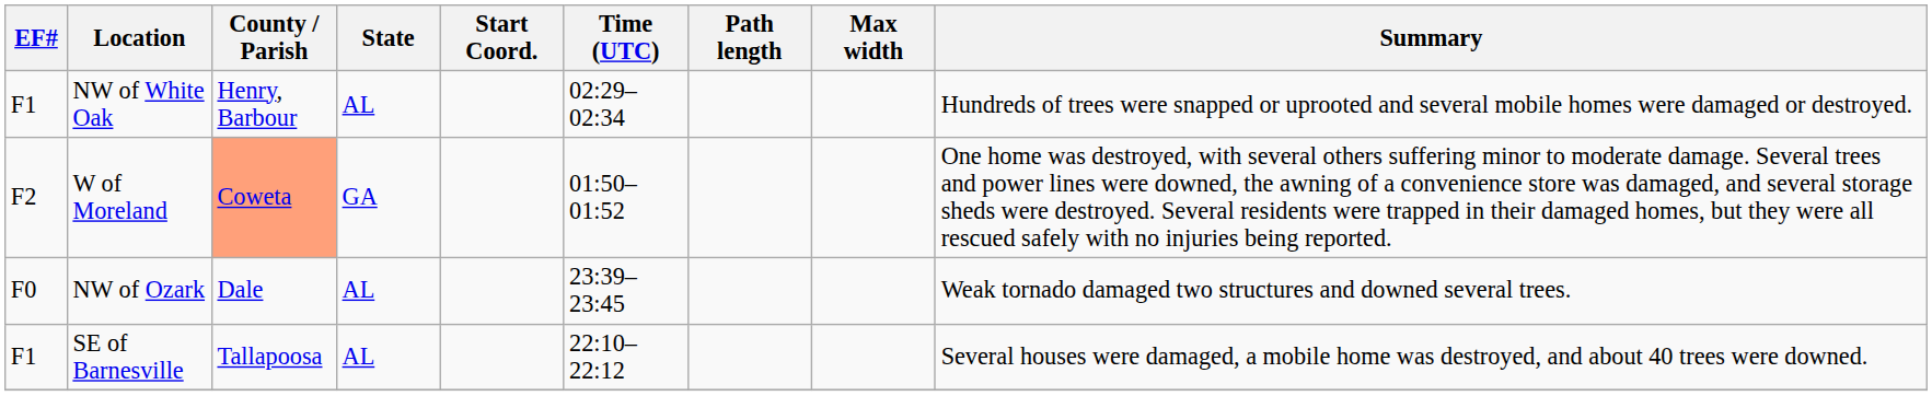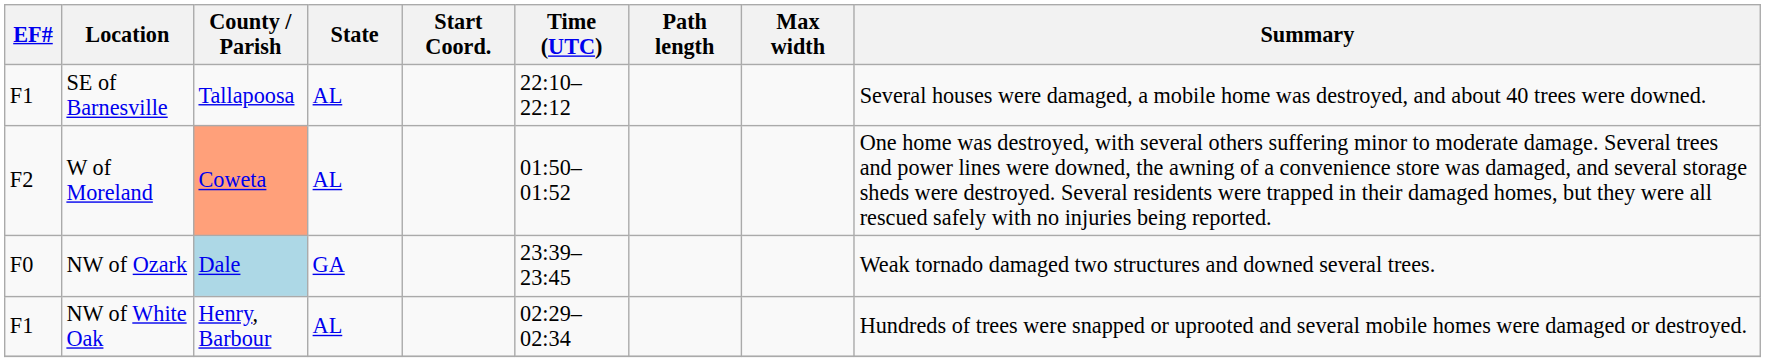 <table class="wikitable sortable" style="width:100%;">
 <tr>
 <th scope="col"  style="width:3%; text-align:center;"><a href='#'>EF#</a></th>
 <th scope="col"  style="width:7%; text-align:center;" class="unsortable">Location</th>
 <th scope="col"  style="width:6%; text-align:center;" class="unsortable">County / Parish</th>
 <th scope="col"  style="width:5%; text-align:center;">State</th>
 <th scope="col"  style="width:6%; text-align:center;">Start Coord.</th>
 <th scope="col"  style="width:6%; text-align:center;">Time (<a href='#'>UTC</a>)</th>
 <th scope="col"  style="width:6%; text-align:center;">Path length</th>
 <th scope="col"  style="width:6%; text-align:center;">Max width</th>
 <th scope="col" class="unsortable" style="width:48%; text-align:center;">Summary</th>
 </tr>
 <tr>
 <td>F1</td>
+<td>SE of <a href='#'>Barnesville</a></td>
+<td><a href='#'>Tallapoosa</a></td>
+<td><a href='#'>AL</a></td>
+<td></td>
+<td>22:10–22:12</td>
+<td></td>
+<td></td>
+<td>Several houses were damaged, a mobile home was destroyed, and about 40 trees were downed.</td>
+</tr>
+<tr>
+<td>F2</td>
+<td>W of <a href='#'>Moreland</a></td>
+<td style="background: lightsalmon;"><a href='#'>Coweta</a></td>
+<td><a href='#'>AL</a></td>
+<td></td>
+<td>01:50–01:52</td>
+<td></td>
+<td></td>
+<td>One home was destroyed, with several others suffering minor to moderate damage. Several trees and power lines were downed, the awning of a convenience store was damaged, and several storage sheds were destroyed. Several residents were trapped in their damaged homes, but they were all rescued safely with no injuries being reported.</td>
+</tr>
+<tr>
+<td>F0</td>
+<td>NW of <a href='#'>Ozark</a></td>
+<td style="background: lightblue;"><a href='#'>Dale</a></td>
+<td><a href='#'>GA</a></td>
+<td></td>
+<td>23:39–23:45</td>
+<td></td>
+<td></td>
+<td>Weak tornado damaged two structures and downed several trees.</td>
+</tr>
+<tr>
+<td>F1</td>
 <td>NW of <a href='#'>White Oak</a></td>
 <td><a href='#'>Henry</a>, <a href='#'>Barbour</a></td>
 <td><a href='#'>AL</a></td>
 <td></td>
 <td>02:29–02:34</td>
 <td></td>
 <td></td>
 <td>Hundreds of trees were snapped or uprooted and several mobile homes were damaged or destroyed.</td>
 </tr>
 <tr>
-<td>F2</td>
-<td>W of <a href='#'>Moreland</a></td>
-<td style="background: lightsalmon;"><a href='#'>Coweta</a></td>
-<td><a href='#'>GA</a></td>
-<td></td>
-<td>01:50–01:52</td>
-<td></td>
-<td></td>
-<td>One home was destroyed, with several others suffering minor to moderate damage. Several trees and power lines were downed, the awning of a convenience store was damaged, and several storage sheds were destroyed. Several residents were trapped in their damaged homes, but they were all rescued safely with no injuries being reported.</td>
-</tr>
-<tr>
-<td>F0</td>
-<td>NW of <a href='#'>Ozark</a></td>
-<td><a href='#'>Dale</a></td>
-<td><a href='#'>AL</a></td>
-<td></td>
-<td>23:39–23:45</td>
-<td></td>
-<td></td>
-<td>Weak tornado damaged two structures and downed several trees.</td>
-</tr>
-<tr>
-<td>F1</td>
-<td>SE of <a href='#'>Barnesville</a></td>
-<td><a href='#'>Tallapoosa</a></td>
-<td><a href='#'>AL</a></td>
-<td></td>
-<td>22:10–22:12</td>
-<td></td>
-<td></td>
-<td>Several houses were damaged, a mobile home was destroyed, and about 40 trees were downed.</td>
-</tr>
-<tr>
 </tr>
 </table>
